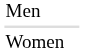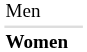 <table>
 <tr>
 <td>Men<br></td>
 <td></td>
 <td></td>
 <td></td>
 </tr>
 <tr bgcolor=#DDDDDD>
 <td colspan=7></td>
 </tr>
 <tr>
-<td>Women<br></td>
+<td><strong>Women<br></strong></td>
 <td></td>
 <td></td>
 <td></td>
 </tr>
 </table>
